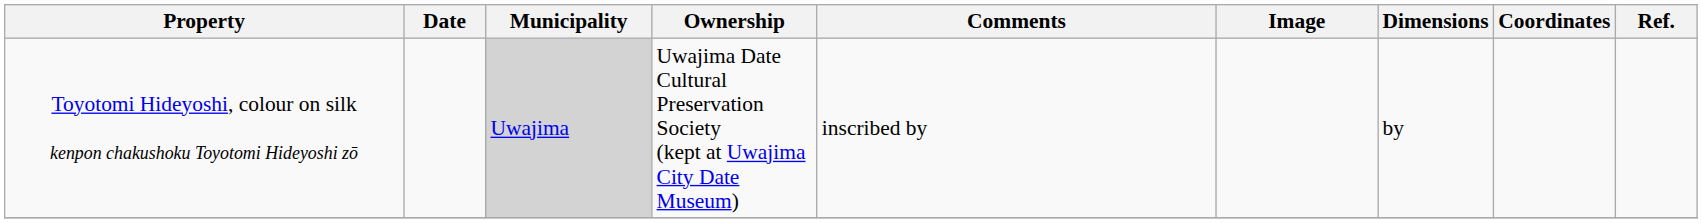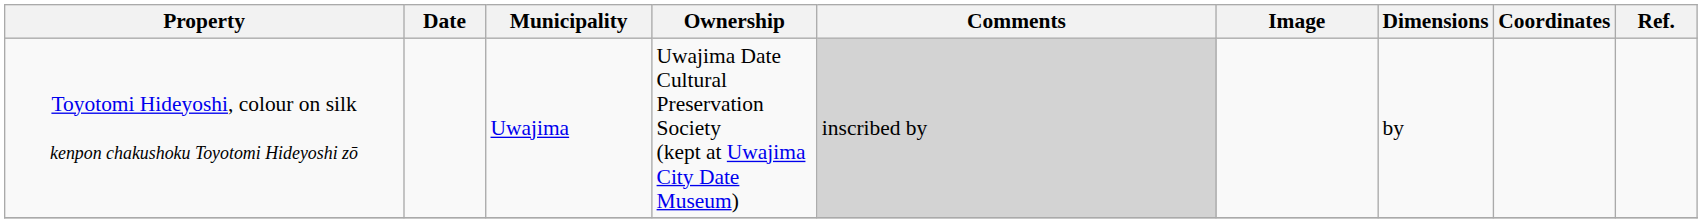 <table class="wikitable sortable"  style="width:100%;">
 <tr>
 <th width="25%" align="left">Property</th>
 <th width="5%" align="left">Date</th>
 <th width="10%" align="left">Municipality</th>
 <th width="10%" align="left">Ownership</th>
 <th width="25%" align="left" class="unsortable">Comments</th>
 <th width="10%" align="left" class="unsortable">Image</th>
 <th width="5%" align="left" class="unsortable">Dimensions</th>
 <th width="5%" align="left" class="unsortable">Coordinates</th>
 <th width="5%" align="left" class="unsortable">Ref.</th>
 </tr>
 <tr>
 <td align="center"><a href='#'>Toyotomi Hideyoshi</a>, colour on silk<br><br><small><em>kenpon chakushoku Toyotomi Hideyoshi zō</em></small></td>
 <td></td>
-<td style="background: lightgrey;"><a href='#'>Uwajima</a></td>
+<td><a href='#'>Uwajima</a></td>
 <td>Uwajima Date Cultural Preservation Society<br>(kept at <a href='#'>Uwajima City Date Museum</a>)</td>
-<td>inscribed by </td>
+<td style="background: lightgrey;">inscribed by </td>
 <td></td>
 <td> by </td>
 <td></td>
 <td></td>
 </tr>
 <tr>
 </tr>
 </table>
